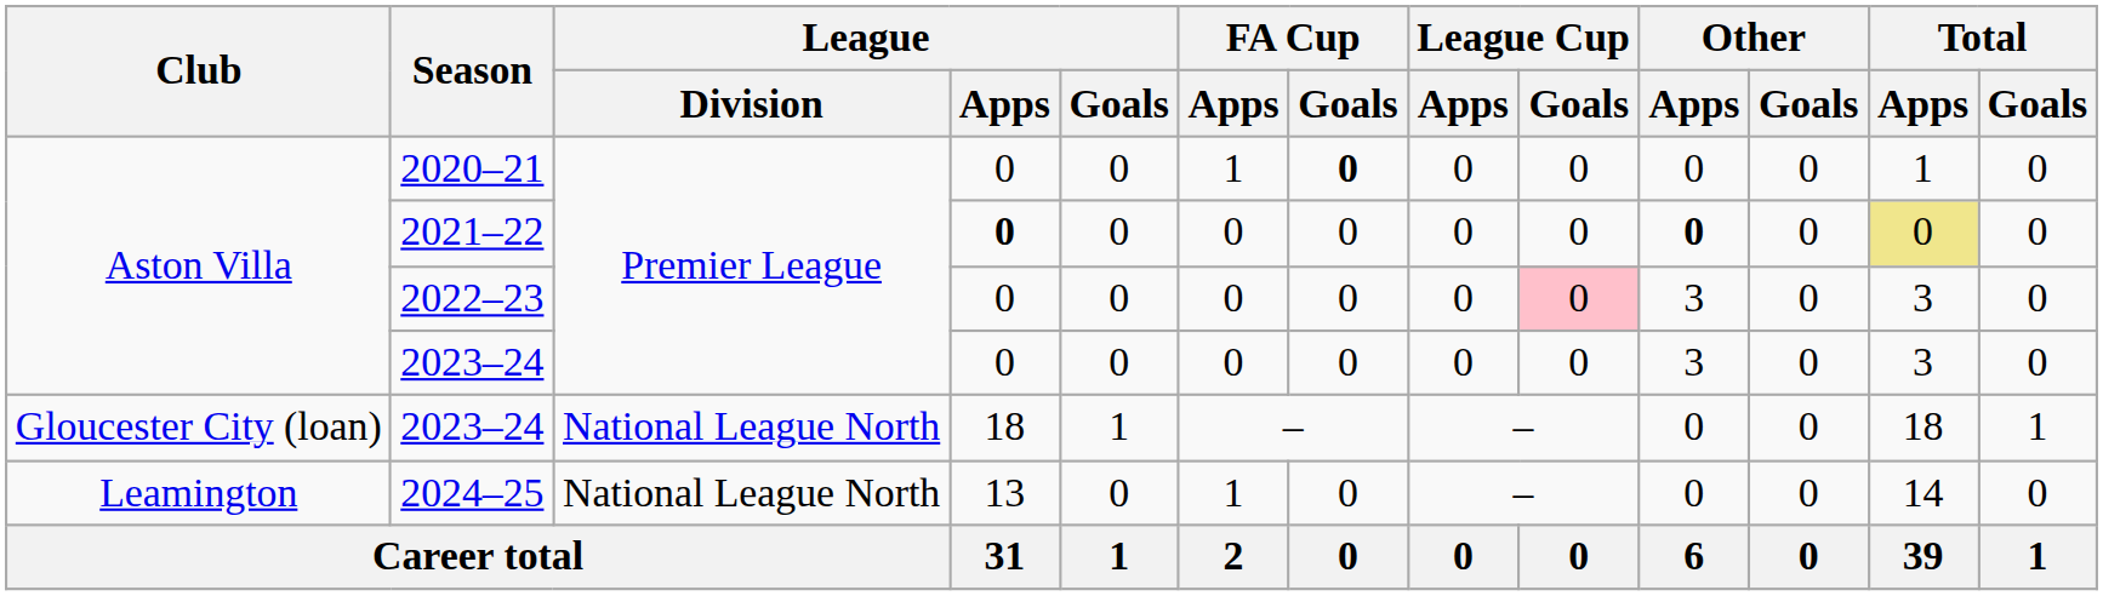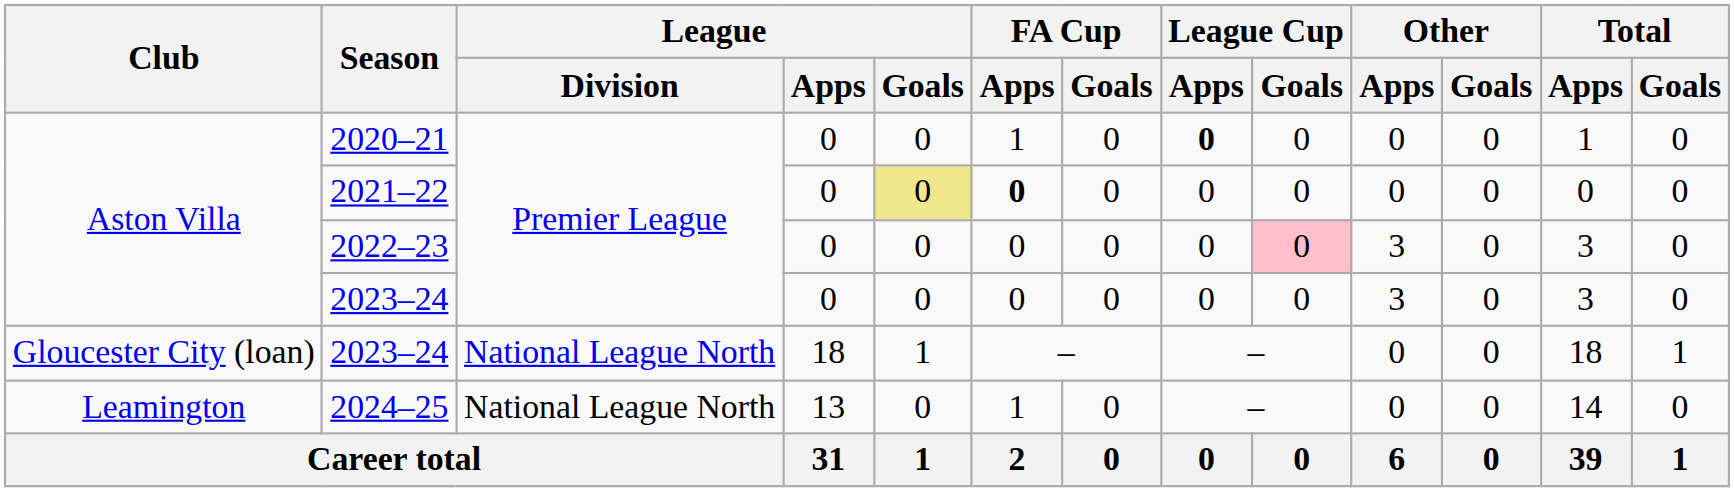 <table class="wikitable" style="text-align: center">
 <tr>
 <th rowspan="2">Club</th>
 <th rowspan="2">Season</th>
 <th colspan="3">League</th>
 <th colspan="2">FA Cup</th>
 <th colspan="2">League Cup</th>
 <th colspan="2">Other</th>
 <th colspan="2">Total</th>
 </tr>
 <tr>
 <th>Division</th>
 <th>Apps</th>
 <th>Goals</th>
 <th>Apps</th>
 <th>Goals</th>
 <th>Apps</th>
 <th>Goals</th>
 <th>Apps</th>
 <th>Goals</th>
 <th>Apps</th>
 <th>Goals</th>
 </tr>
 <tr>
 <td rowspan="4"><a href='#'>Aston Villa</a></td>
 <td><a href='#'>2020–21</a></td>
 <td rowspan="4"><a href='#'>Premier League</a></td>
 <td>0</td>
 <td>0</td>
 <td>1</td>
+<td>0</td>
 <td><strong>0</strong></td>
-<td>0</td>
 <td>0</td>
 <td>0</td>
 <td>0</td>
 <td>1</td>
 <td>0</td>
 </tr>
 <tr>
 <td><a href='#'>2021–22</a></td>
+<td>0</td>
+<td style="background: khaki;">0</td>
 <td><strong>0</strong></td>
 <td>0</td>
 <td>0</td>
 <td>0</td>
 <td>0</td>
 <td>0</td>
-<td><strong>0</strong></td>
 <td>0</td>
-<td style="background: khaki;">0</td>
 <td>0</td>
 </tr>
 <tr>
 <td><a href='#'>2022–23</a></td>
 <td>0</td>
 <td>0</td>
 <td>0</td>
 <td>0</td>
 <td>0</td>
 <td style="background: pink;">0</td>
 <td>3</td>
 <td>0</td>
 <td>3</td>
 <td>0</td>
 </tr>
 <tr>
 <td><a href='#'>2023–24</a></td>
 <td>0</td>
 <td>0</td>
 <td>0</td>
 <td>0</td>
 <td>0</td>
 <td>0</td>
 <td>3</td>
 <td>0</td>
 <td>3</td>
 <td>0</td>
 </tr>
 <tr>
 <td><a href='#'>Gloucester City</a> (loan)</td>
 <td><a href='#'>2023–24</a></td>
 <td><a href='#'>National League North</a></td>
 <td>18</td>
 <td>1</td>
 <td colspan="2">–</td>
 <td colspan="2">–</td>
 <td>0</td>
 <td>0</td>
 <td>18</td>
 <td>1</td>
 </tr>
 <tr>
 <td><a href='#'>Leamington</a></td>
 <td><a href='#'>2024–25</a></td>
 <td>National League North</td>
 <td>13</td>
 <td>0</td>
 <td>1</td>
 <td>0</td>
 <td colspan="2">–</td>
 <td>0</td>
 <td>0</td>
 <td>14</td>
 <td>0</td>
 </tr>
 <tr>
 <th colspan="3"><strong>Career total</strong></th>
 <th>31</th>
 <th>1</th>
 <th>2</th>
 <th>0</th>
 <th>0</th>
 <th>0</th>
 <th>6</th>
 <th>0</th>
 <th>39</th>
 <th>1</th>
 </tr>
 </table>
